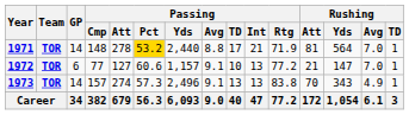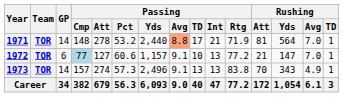 <table class="wikitable" style="text-align:center;">
 <tr>
 <th rowspan="2">Year</th>
 <th rowspan="2">Team</th>
 <th rowspan="2">GP</th>
 <th colspan="8">Passing</th>
 <th colspan="4">Rushing</th>
 </tr>
 <tr>
 <th>Cmp</th>
 <th>Att</th>
 <th>Pct</th>
 <th>Yds</th>
 <th>Avg</th>
 <th>TD</th>
 <th>Int</th>
 <th>Rtg</th>
 <th>Att</th>
 <th>Yds</th>
 <th>Avg</th>
 <th>TD</th>
 </tr>
 <tr>
 <th><a href='#'>1971</a></th>
 <th><a href='#'>TOR</a></th>
 <td>14</td>
 <td>148</td>
 <td>278</td>
-<td style="background: gold;">53.2</td>
+<td>53.2</td>
 <td>2,440</td>
-<td>8.8</td>
+<td style="background: lightsalmon;">8.8</td>
 <td>17</td>
 <td>21</td>
 <td>71.9</td>
 <td>81</td>
 <td>564</td>
 <td>7.0</td>
 <td>1</td>
 </tr>
 <tr>
 <th><a href='#'>1972</a></th>
 <th><a href='#'>TOR</a></th>
 <td>6</td>
-<td>77</td>
+<td style="background: lightblue;">77</td>
 <td>127</td>
 <td>60.6</td>
 <td>1,157</td>
 <td>9.1</td>
 <td>10</td>
 <td>13</td>
 <td>77.2</td>
 <td>21</td>
 <td>147</td>
 <td>7.0</td>
 <td>1</td>
 </tr>
 <tr>
 <th><a href='#'>1973</a></th>
 <th><a href='#'>TOR</a></th>
 <td>14</td>
 <td>157</td>
 <td>274</td>
 <td>57.3</td>
 <td>2,496</td>
 <td>9.1</td>
 <td>13</td>
 <td>13</td>
 <td>83.8</td>
 <td>70</td>
 <td>343</td>
 <td>4.9</td>
 <td>1</td>
 </tr>
 <tr>
 <th colspan="2">Career</th>
 <th>34</th>
 <th>382</th>
 <th>679</th>
 <th>56.3</th>
 <th>6,093</th>
 <th>9.0</th>
 <th>40</th>
 <th>47</th>
 <th>77.2</th>
 <th>172</th>
 <th>1,054</th>
 <th>6.1</th>
 <th>3</th>
 </tr>
 </table>
